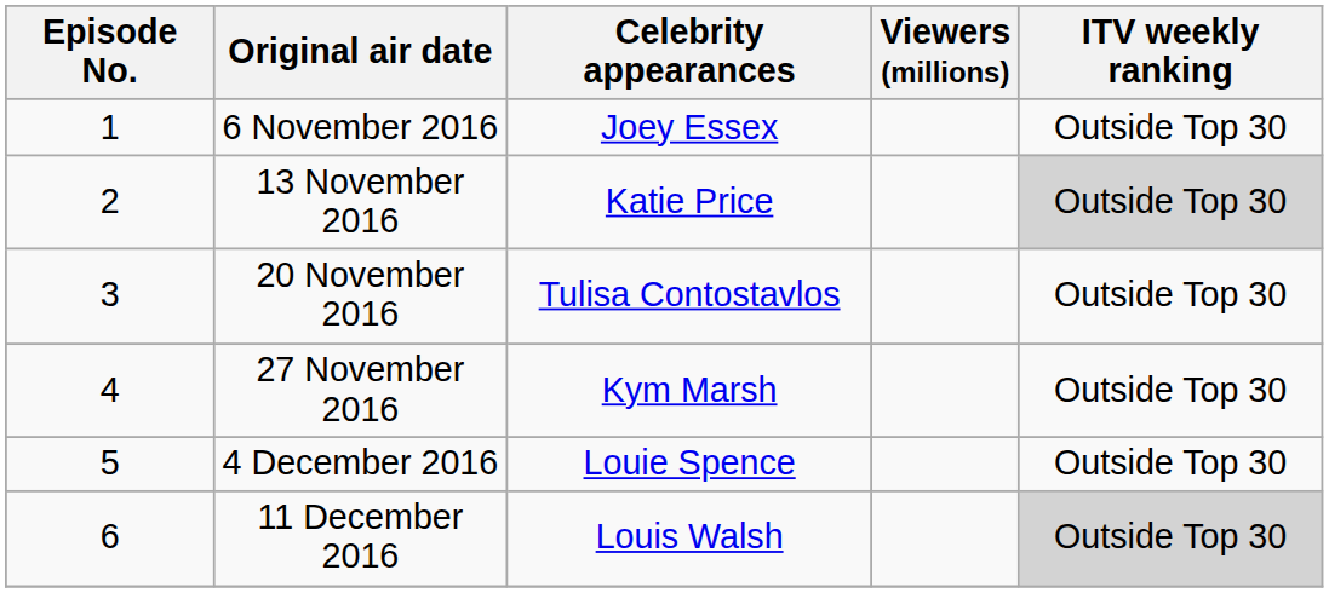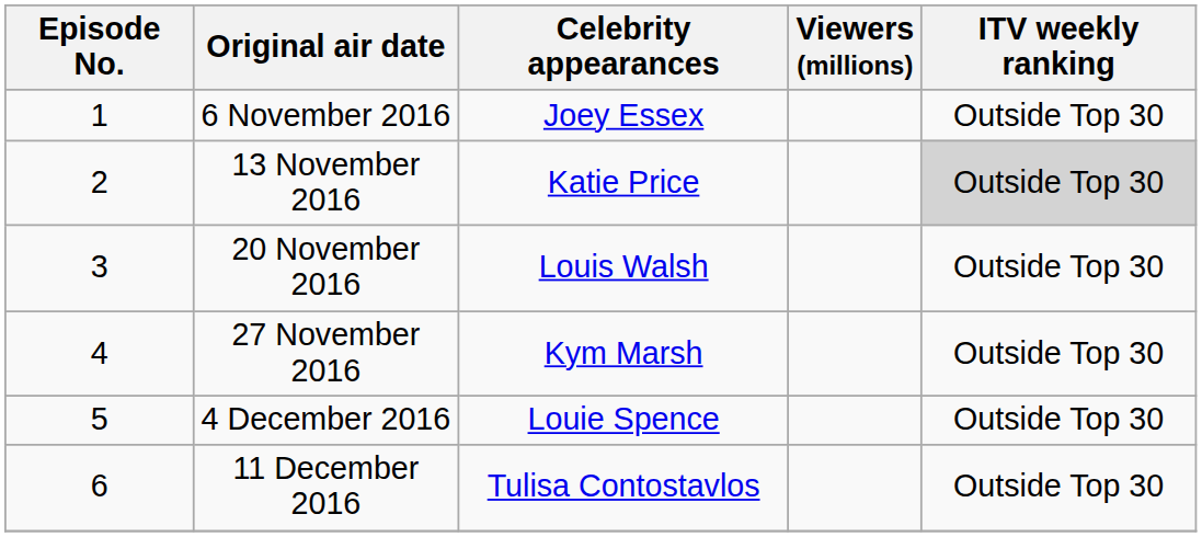 <table class="wikitable" style="text-align:center;">
 <tr>
 <th>Episode No.</th>
 <th>Original air date</th>
 <th>Celebrity appearances</th>
 <th>Viewers<br><small>(millions)</small></th>
 <th>ITV weekly ranking</th>
 </tr>
 <tr>
 <td>1</td>
 <td>6 November 2016</td>
 <td><a href='#'>Joey Essex</a></td>
 <td></td>
 <td>Outside Top 30</td>
 </tr>
 <tr>
 <td>2</td>
 <td>13 November 2016</td>
 <td><a href='#'>Katie Price</a></td>
 <td></td>
 <td style="background: lightgrey;">Outside Top 30</td>
 </tr>
 <tr>
 <td>3</td>
 <td>20 November 2016</td>
-<td><a href='#'>Tulisa Contostavlos</a></td>
+<td><a href='#'>Louis Walsh</a></td>
 <td></td>
 <td>Outside Top 30</td>
 </tr>
 <tr>
 <td>4</td>
 <td>27 November 2016</td>
 <td><a href='#'>Kym Marsh</a></td>
 <td></td>
 <td>Outside Top 30</td>
 </tr>
 <tr>
 <td>5</td>
 <td>4 December 2016</td>
 <td><a href='#'>Louie Spence</a></td>
 <td></td>
 <td>Outside Top 30</td>
 </tr>
 <tr>
 <td>6</td>
 <td>11 December 2016</td>
-<td><a href='#'>Louis Walsh</a></td>
+<td><a href='#'>Tulisa Contostavlos</a></td>
 <td></td>
-<td style="background: lightgrey;">Outside Top 30</td>
+<td>Outside Top 30</td>
 </tr>
 <tr>
 </tr>
 </table>
